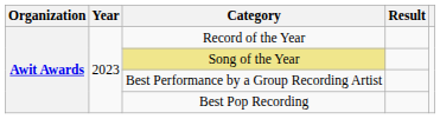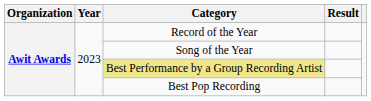 <table class="wikitable sortable plainrowheaders" style="border:none; margin:0;">
 <tr>
 <th scope="col">Organization</th>
 <th scope="col">Year</th>
 <th scope="col">Category</th>
 <th scope="col">Result</th>
 <th scope="col" class="unsortable"></th>
 </tr>
 <tr>
 <th scope="row" rowspan="4"><a href='#'>Awit Awards</a></th>
 <td rowspan="4">2023</td>
 <td style="text-align:center;">Record of the Year</td>
 <td></td>
 <td style="text-align:center;" rowspan="4"></td>
 </tr>
 <tr>
-<td style="background: khaki; text-align:center;">Song of the Year</td>
+<td style="text-align:center;">Song of the Year</td>
 <td></td>
 </tr>
 <tr>
-<td style="text-align:center;">Best Performance by a Group Recording Artist</td>
+<td style="background: khaki; text-align:center;">Best Performance by a Group Recording Artist</td>
 <td></td>
 </tr>
 <tr>
 <td style="text-align:center;">Best Pop Recording</td>
 <td></td>
 </tr>
 <tr>
 </tr>
 </table>
